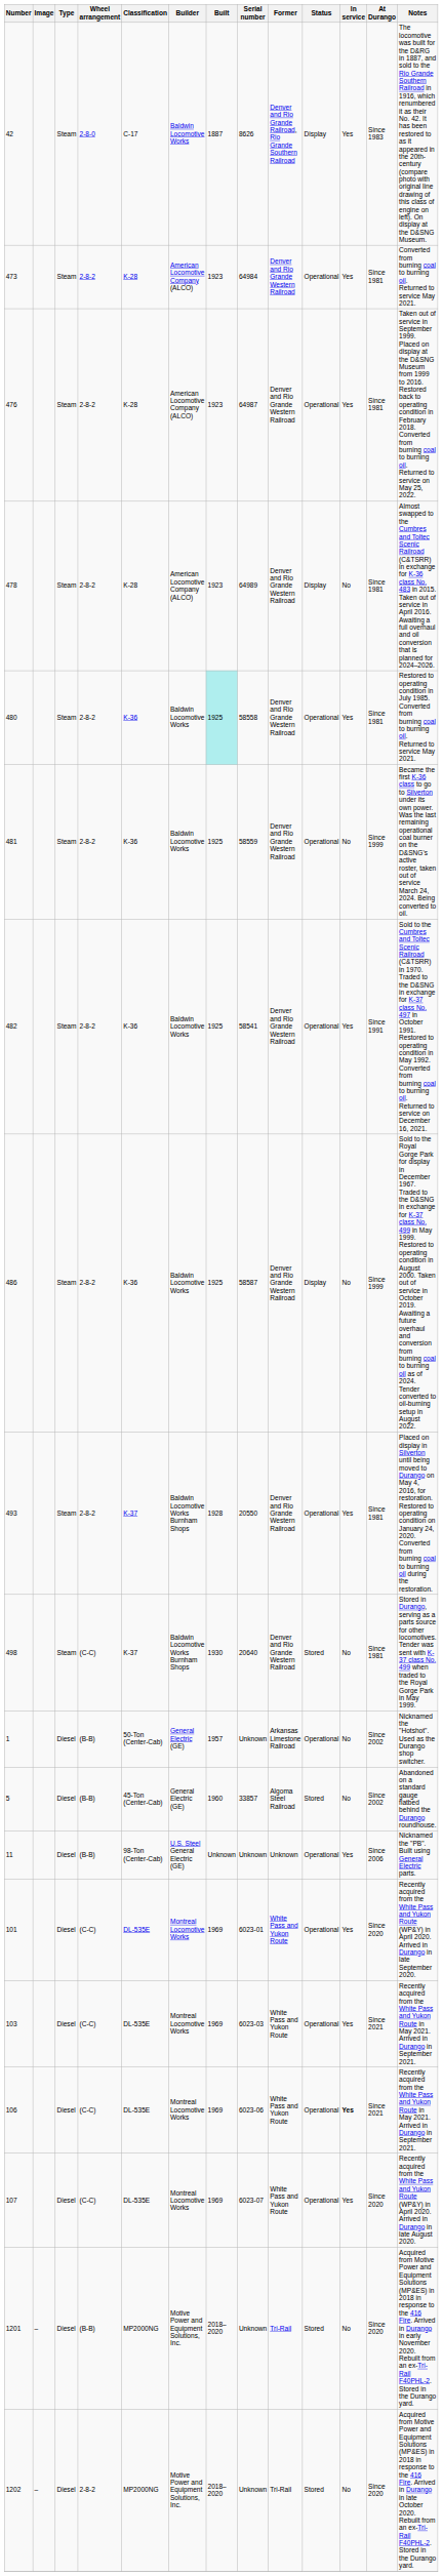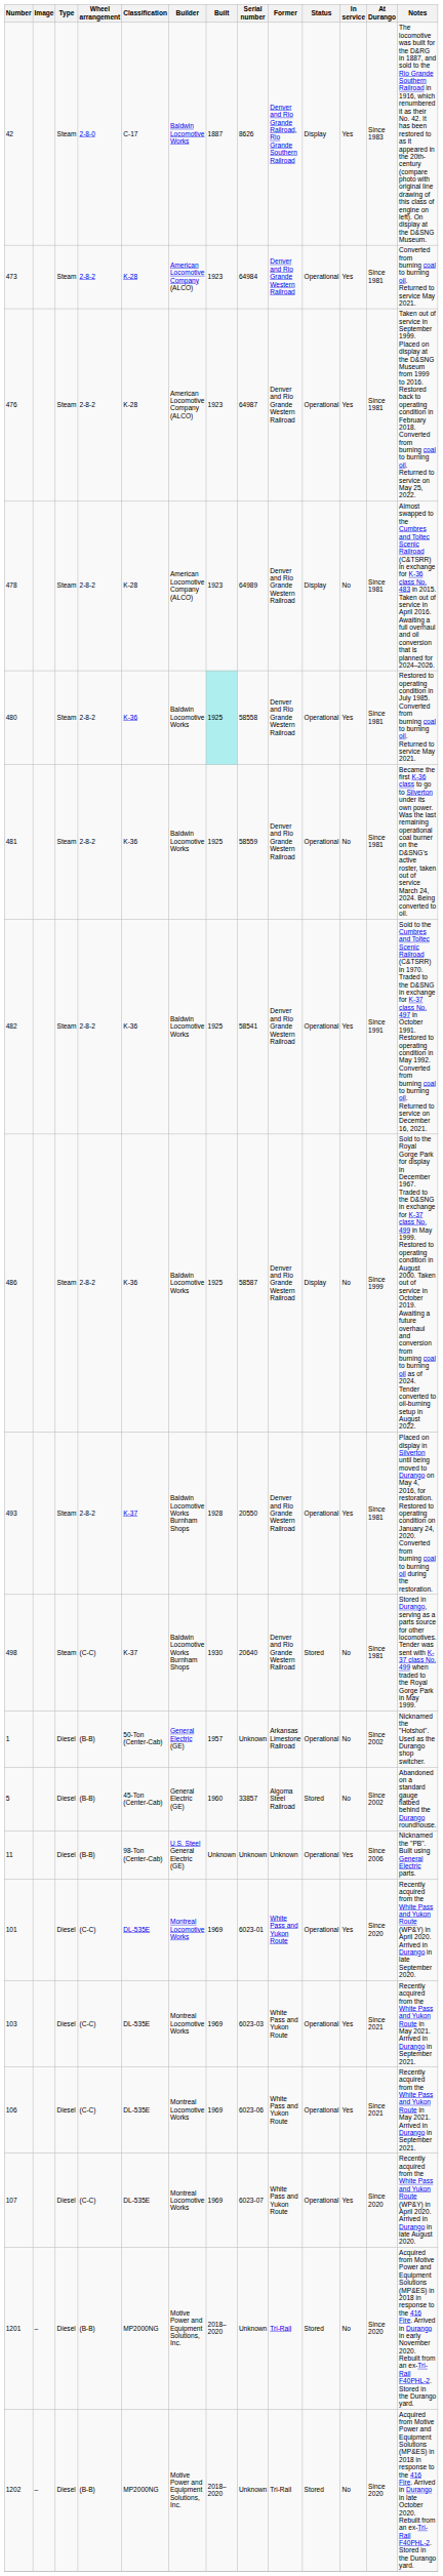 <table class="wikitable">
 <tr>
 <th>Number</th>
 <th>Image</th>
 <th>Type</th>
 <th>Wheel arrangement</th>
 <th>Classification</th>
 <th>Builder</th>
 <th>Built</th>
 <th>Serial number</th>
 <th>Former</th>
 <th>Status</th>
 <th>In service</th>
 <th>At Durango</th>
 <th>Notes</th>
 </tr>
 <tr>
 <td>42</td>
 <td></td>
 <td>Steam</td>
 <td><a href='#'>2-8-0</a></td>
 <td>C-17</td>
 <td><a href='#'>Baldwin Locomotive Works</a></td>
 <td>1887</td>
 <td>8626</td>
 <td><a href='#'>Denver and Rio Grande Railroad</a>,<br><a href='#'>Rio Grande Southern Railroad</a></td>
 <td>Display</td>
 <td>Yes</td>
 <td>Since 1983</td>
 <td>The locomotive was built for the D&RG in 1887, and sold to the <a href='#'>Rio Grande Southern Railroad</a> in 1916, which renumbered it as their No. 42.  It has been restored to as it appeared in the 20th-century (compare photo with original line drawing of this class of engine on left). On display at the D&SNG Museum.</td>
 </tr>
 <tr>
 <td>473</td>
 <td></td>
 <td>Steam</td>
 <td><a href='#'>2-8-2</a></td>
 <td><a href='#'>K-28</a></td>
 <td><a href='#'>American Locomotive Company</a> (ALCO)</td>
 <td>1923</td>
 <td>64984</td>
 <td><a href='#'>Denver and Rio Grande Western Railroad</a></td>
 <td>Operational</td>
 <td>Yes</td>
 <td>Since 1981</td>
 <td>Converted from burning <a href='#'>coal</a> to burning <a href='#'>oil</a>. Returned to service May 2021.</td>
 </tr>
 <tr>
 <td>476</td>
 <td></td>
 <td>Steam</td>
 <td>2-8-2</td>
 <td>K-28</td>
 <td>American Locomotive Company (ALCO)</td>
 <td>1923</td>
 <td>64987</td>
 <td>Denver and Rio Grande Western Railroad</td>
 <td>Operational</td>
 <td>Yes</td>
 <td>Since 1981</td>
 <td>Taken out of service in September 1999. Placed on display at the D&SNG Museum from 1999 to 2016. Restored back to operating condition in February 2018. Converted from burning <a href='#'>coal</a> to burning <a href='#'>oil</a>. Returned to service on May 25, 2022.</td>
 </tr>
 <tr>
 <td>478</td>
 <td></td>
 <td>Steam</td>
 <td>2-8-2</td>
 <td>K-28</td>
 <td>American Locomotive Company (ALCO)</td>
 <td>1923</td>
 <td>64989</td>
 <td>Denver and Rio Grande Western Railroad</td>
 <td>Display</td>
 <td>No</td>
 <td>Since 1981</td>
 <td>Almost swapped to the <a href='#'>Cumbres and Toltec Scenic Railroad</a> (C&TSRR) in exchange for <a href='#'>K-36 class No. 483</a> in 2015. Taken out of service in April 2016. Awaiting a full overhaul and oil conversion that is planned for 2024–2026.</td>
 </tr>
 <tr>
 <td>480</td>
 <td></td>
 <td>Steam</td>
 <td>2-8-2</td>
 <td><a href='#'>K-36</a></td>
 <td>Baldwin Locomotive Works</td>
 <td style="background: paleturquoise;">1925</td>
 <td>58558</td>
 <td>Denver and Rio Grande Western Railroad</td>
 <td>Operational</td>
 <td>Yes</td>
 <td>Since 1981</td>
 <td>Restored to operating condition in July 1985. Converted from burning <a href='#'>coal</a> to burning <a href='#'>oil</a>. Returned to service May 2021.</td>
 </tr>
 <tr>
 <td>481</td>
 <td></td>
 <td>Steam</td>
 <td>2-8-2</td>
 <td>K-36</td>
 <td>Baldwin Locomotive Works</td>
 <td>1925</td>
 <td>58559</td>
 <td>Denver and Rio Grande Western Railroad</td>
 <td>Operational</td>
 <td>No</td>
-<td>Since 1999</td>
+<td>Since 1981</td>
 <td>Became the first <a href='#'>K-36 class</a> to go to <a href='#'>Silverton</a> under its own power. Was the last remaining operational coal burner on the D&SNG's active roster, taken out of service March 24, 2024. Being converted to oil.</td>
 </tr>
 <tr>
 <td>482</td>
 <td></td>
 <td>Steam</td>
 <td>2-8-2</td>
 <td>K-36</td>
 <td>Baldwin Locomotive Works</td>
 <td>1925</td>
 <td>58541</td>
 <td>Denver and Rio Grande Western Railroad</td>
 <td>Operational</td>
 <td>Yes</td>
 <td>Since 1991</td>
 <td>Sold to the <a href='#'>Cumbres and Toltec Scenic Railroad</a> (C&TSRR) in 1970. Traded to the D&SNG in exchange for <a href='#'>K-37 class No. 497</a> in October 1991. Restored to operating condition in May 1992. Converted from burning <a href='#'>coal</a> to burning <a href='#'>oil</a>. Returned to service on December 16, 2021.</td>
 </tr>
 <tr>
 <td>486</td>
 <td></td>
 <td>Steam</td>
 <td>2-8-2</td>
 <td>K-36</td>
 <td>Baldwin Locomotive Works</td>
 <td>1925</td>
 <td>58587</td>
 <td>Denver and Rio Grande Western Railroad</td>
 <td>Display</td>
 <td>No</td>
 <td>Since 1999</td>
 <td>Sold to the Royal Gorge Park for display in December 1967. Traded to the D&SNG in exchange for <a href='#'>K-37 class No. 499</a> in May 1999. Restored to operating condition in August 2000. Taken out of service in October 2019. Awaiting a future overhaul and conversion from burning <a href='#'>coal</a> to burning <a href='#'>oil</a> as of 2024. Tender converted to oil-burning setup in August 2022.</td>
 </tr>
 <tr>
 <td>493</td>
 <td></td>
 <td>Steam</td>
 <td>2-8-2</td>
 <td><a href='#'>K-37</a></td>
 <td>Baldwin Locomotive Works<br>Burnham Shops</td>
 <td>1928</td>
 <td>20550</td>
 <td>Denver and Rio Grande Western Railroad</td>
 <td>Operational</td>
 <td>Yes</td>
 <td>Since 1981</td>
 <td>Placed on display in <a href='#'>Silverton</a> until being moved to <a href='#'>Durango</a> on May 4, 2016, for restoration. Restored to operating condition on January 24, 2020. Converted from burning <a href='#'>coal</a> to burning <a href='#'>oil</a> during the restoration.</td>
 </tr>
 <tr>
 <td>498</td>
 <td></td>
 <td>Steam</td>
 <td>(C-C)</td>
 <td>K-37</td>
 <td>Baldwin Locomotive Works<br>Burnham Shops</td>
 <td>1930</td>
 <td>20640</td>
 <td>Denver and Rio Grande Western Railroad</td>
 <td>Stored</td>
 <td>No</td>
 <td>Since 1981</td>
 <td>Stored in <a href='#'>Durango</a>, serving as a parts source for other locomotives. Tender was sent with <a href='#'>K-37 class No. 499</a> when traded to the Royal Gorge Park in May 1999.</td>
 </tr>
 <tr>
 <td>1</td>
 <td></td>
 <td>Diesel</td>
 <td>(B-B)</td>
 <td>50-Ton (Center-Cab)</td>
 <td><a href='#'>General Electric</a> (GE)</td>
 <td>1957</td>
 <td>Unknown</td>
 <td>Arkansas Limestone Railroad</td>
 <td>Operational</td>
 <td>No</td>
 <td>Since 2002</td>
 <td>Nicknamed the "Hotshot". Used as the Durango shop switcher.</td>
 </tr>
 <tr>
 <td>5</td>
 <td></td>
 <td>Diesel</td>
 <td>(B-B)</td>
 <td>45-Ton (Center-Cab)</td>
 <td>General Electric (GE)</td>
 <td>1960</td>
 <td>33857</td>
 <td>Algoma Steel Railroad</td>
 <td>Stored</td>
 <td>No</td>
 <td>Since 2002</td>
 <td>Abandoned on a standard gauge flatbed behind the <a href='#'>Durango</a> roundhouse.</td>
 </tr>
 <tr>
 <td>11</td>
 <td></td>
 <td>Diesel</td>
 <td>(B-B)</td>
 <td>98-Ton (Center-Cab)</td>
 <td><a href='#'>U.S. Steel</a><br>General Electric (GE)</td>
 <td>Unknown</td>
 <td>Unknown</td>
 <td>Unknown</td>
 <td>Operational</td>
 <td>Yes</td>
 <td>Since 2006</td>
 <td>Nicknamed the "PB". Built using <a href='#'>General Electric</a> parts.</td>
 </tr>
 <tr>
 <td>101</td>
 <td></td>
 <td>Diesel</td>
 <td>(C-C)</td>
 <td><a href='#'>DL-535E</a></td>
 <td><a href='#'>Montreal Locomotive Works</a></td>
 <td>1969</td>
 <td>6023-01</td>
 <td><a href='#'>White Pass and Yukon Route</a></td>
 <td>Operational</td>
 <td>Yes</td>
 <td>Since 2020</td>
 <td>Recently acquired from the <a href='#'>White Pass and Yukon Route</a> (WP&Y) in April 2020. Arrived in <a href='#'>Durango</a> in late September 2020.</td>
 </tr>
 <tr>
 <td>103</td>
 <td></td>
 <td>Diesel</td>
 <td>(C-C)</td>
 <td>DL-535E</td>
 <td>Montreal Locomotive Works</td>
 <td>1969</td>
 <td>6023-03</td>
 <td>White Pass and Yukon Route</td>
 <td>Operational</td>
 <td>Yes</td>
 <td>Since 2021</td>
 <td>Recently acquired from the <a href='#'>White Pass and Yukon Route</a> in May 2021. Arrived in <a href='#'>Durango</a> in September 2021.</td>
 </tr>
 <tr>
 <td>106</td>
 <td></td>
 <td>Diesel</td>
 <td>(C-C)</td>
 <td>DL-535E</td>
 <td>Montreal Locomotive Works</td>
 <td>1969</td>
 <td>6023-06</td>
 <td>White Pass and Yukon Route</td>
 <td>Operational</td>
-<td><strong>Yes</strong></td>
+<td>Yes</td>
 <td>Since 2021</td>
 <td>Recently acquired from the <a href='#'>White Pass and Yukon Route</a> in May 2021. Arrived in <a href='#'>Durango</a> in September 2021.</td>
 </tr>
 <tr>
 <td>107</td>
 <td></td>
 <td>Diesel</td>
 <td>(C-C)</td>
 <td>DL-535E</td>
 <td>Montreal Locomotive Works</td>
 <td>1969</td>
 <td>6023-07</td>
 <td>White Pass and Yukon Route</td>
 <td>Operational</td>
 <td>Yes</td>
 <td>Since 2020</td>
 <td>Recently acquired from the <a href='#'>White Pass and Yukon Route</a> (WP&Y) in April 2020. Arrived in <a href='#'>Durango</a> in late August 2020.</td>
 </tr>
 <tr>
 <td>1201</td>
 <td>–</td>
 <td>Diesel</td>
 <td>(B-B)</td>
 <td>MP2000NG</td>
 <td>Motive Power and Equipment Solutions, Inc.</td>
 <td>2018–2020</td>
 <td>Unknown</td>
 <td><a href='#'>Tri-Rail</a></td>
 <td>Stored</td>
 <td>No</td>
 <td>Since 2020</td>
 <td>Acquired from Motive Power and Equipment Solutions (MP&ES) in 2018 in response to the <a href='#'>416 Fire</a>. Arrived in <a href='#'>Durango</a> in early November 2020. Rebuilt from an ex-<a href='#'>Tri-Rail</a> <a href='#'>F40PHL-2</a>. Stored in the Durango yard.</td>
 </tr>
 <tr>
 <td>1202</td>
 <td>–</td>
 <td>Diesel</td>
-<td>2-8-2</td>
+<td>(B-B)</td>
 <td>MP2000NG</td>
 <td>Motive Power and Equipment Solutions, Inc.</td>
 <td>2018–2020</td>
 <td>Unknown</td>
 <td>Tri-Rail</td>
 <td>Stored</td>
 <td>No</td>
 <td>Since 2020</td>
 <td>Acquired from Motive Power and Equipment Solutions (MP&ES) in 2018 in response to the <a href='#'>416 Fire</a>. Arrived in <a href='#'>Durango</a> in late October 2020. Rebuilt from an ex-<a href='#'>Tri-Rail</a> <a href='#'>F40PHL-2</a>. Stored in the Durango yard.</td>
 </tr>
 <tr>
 </tr>
 </table>
